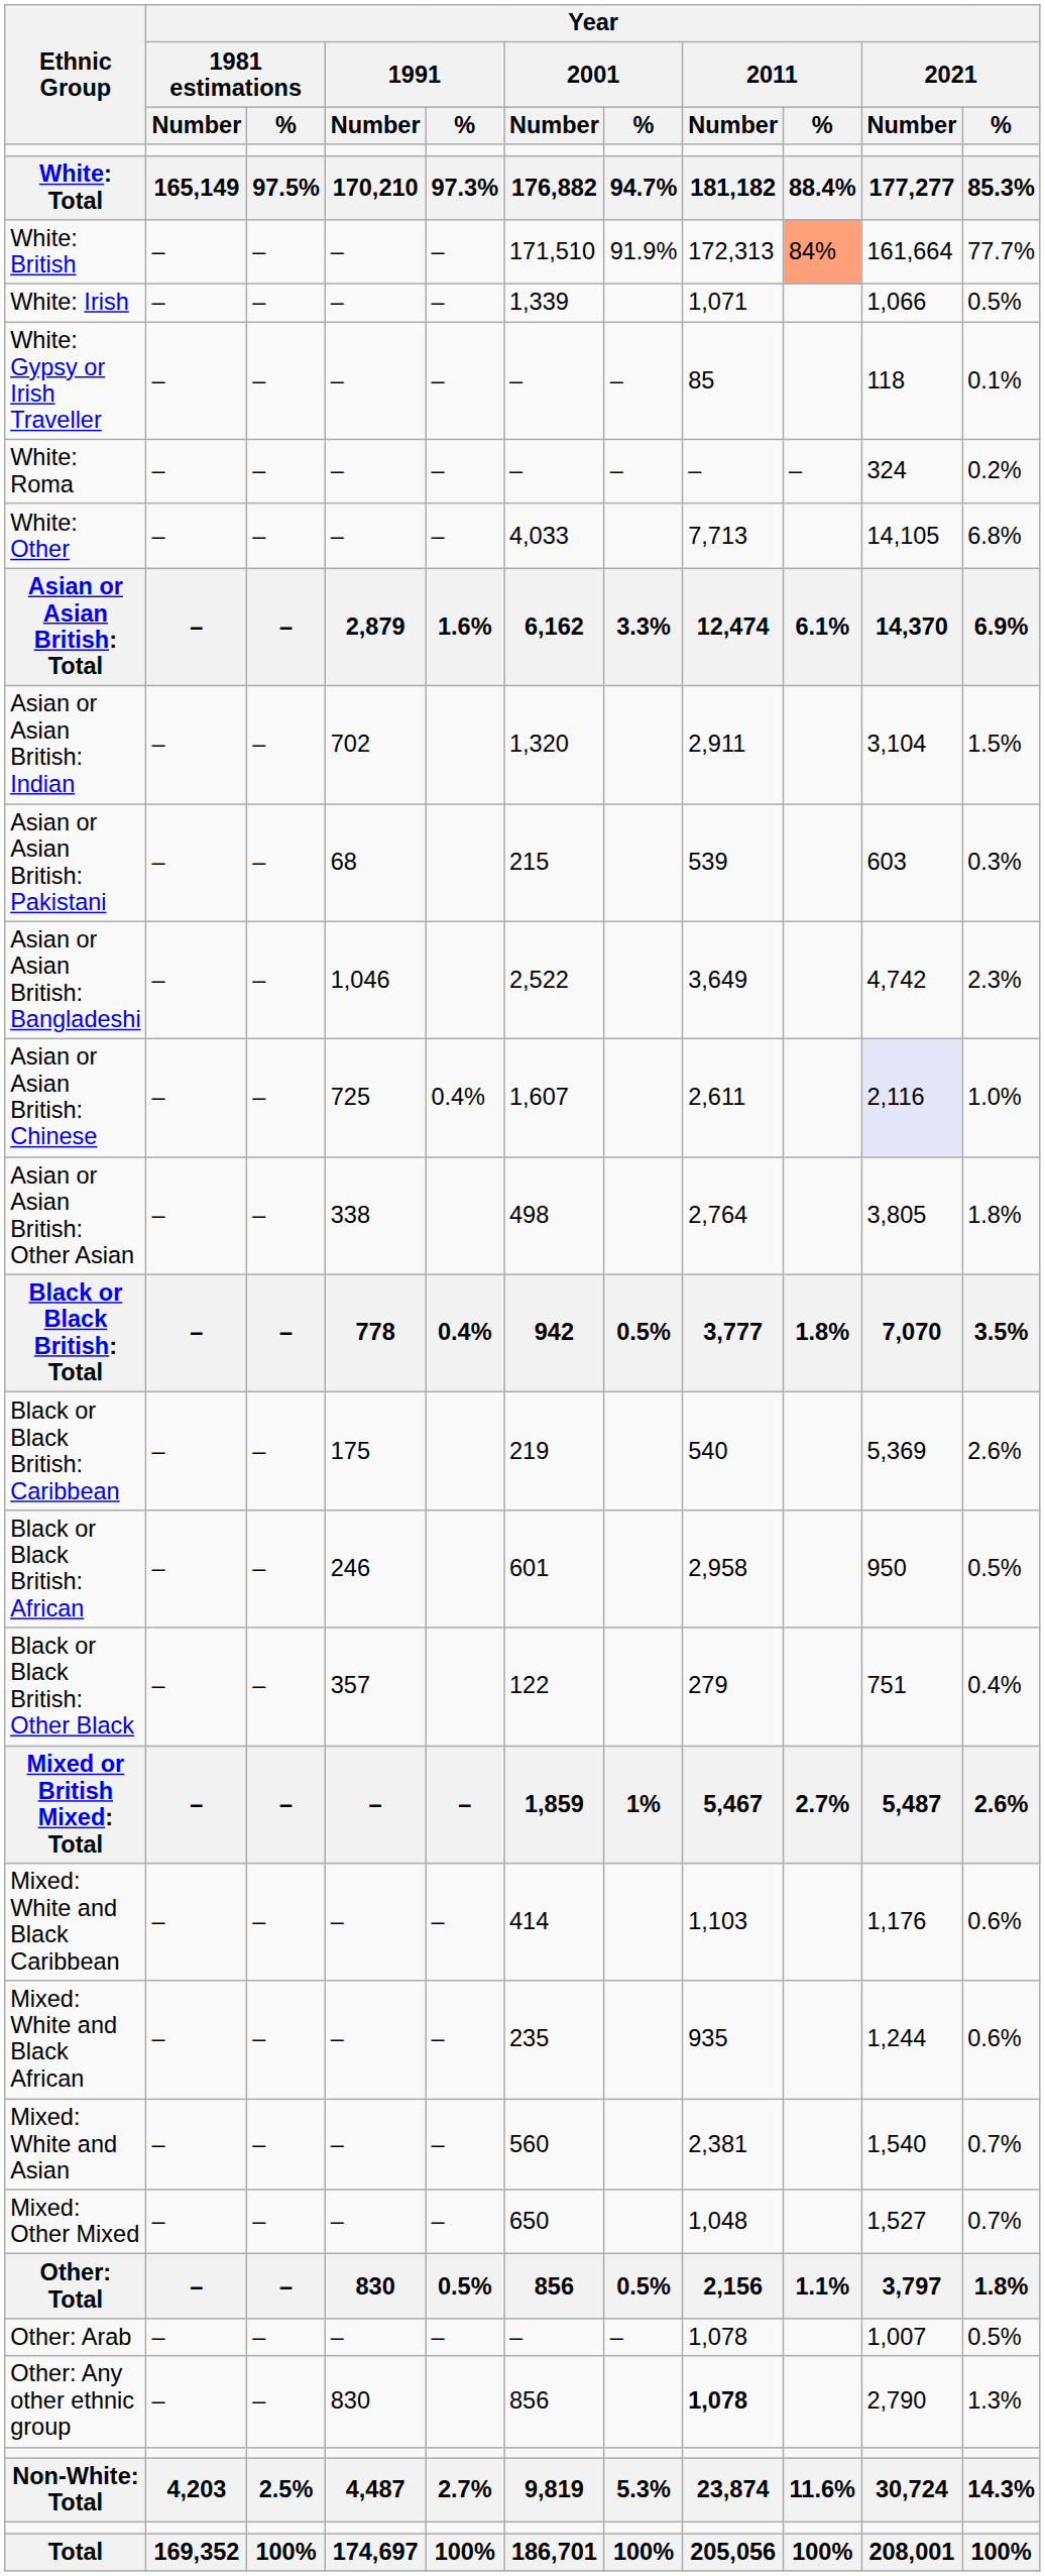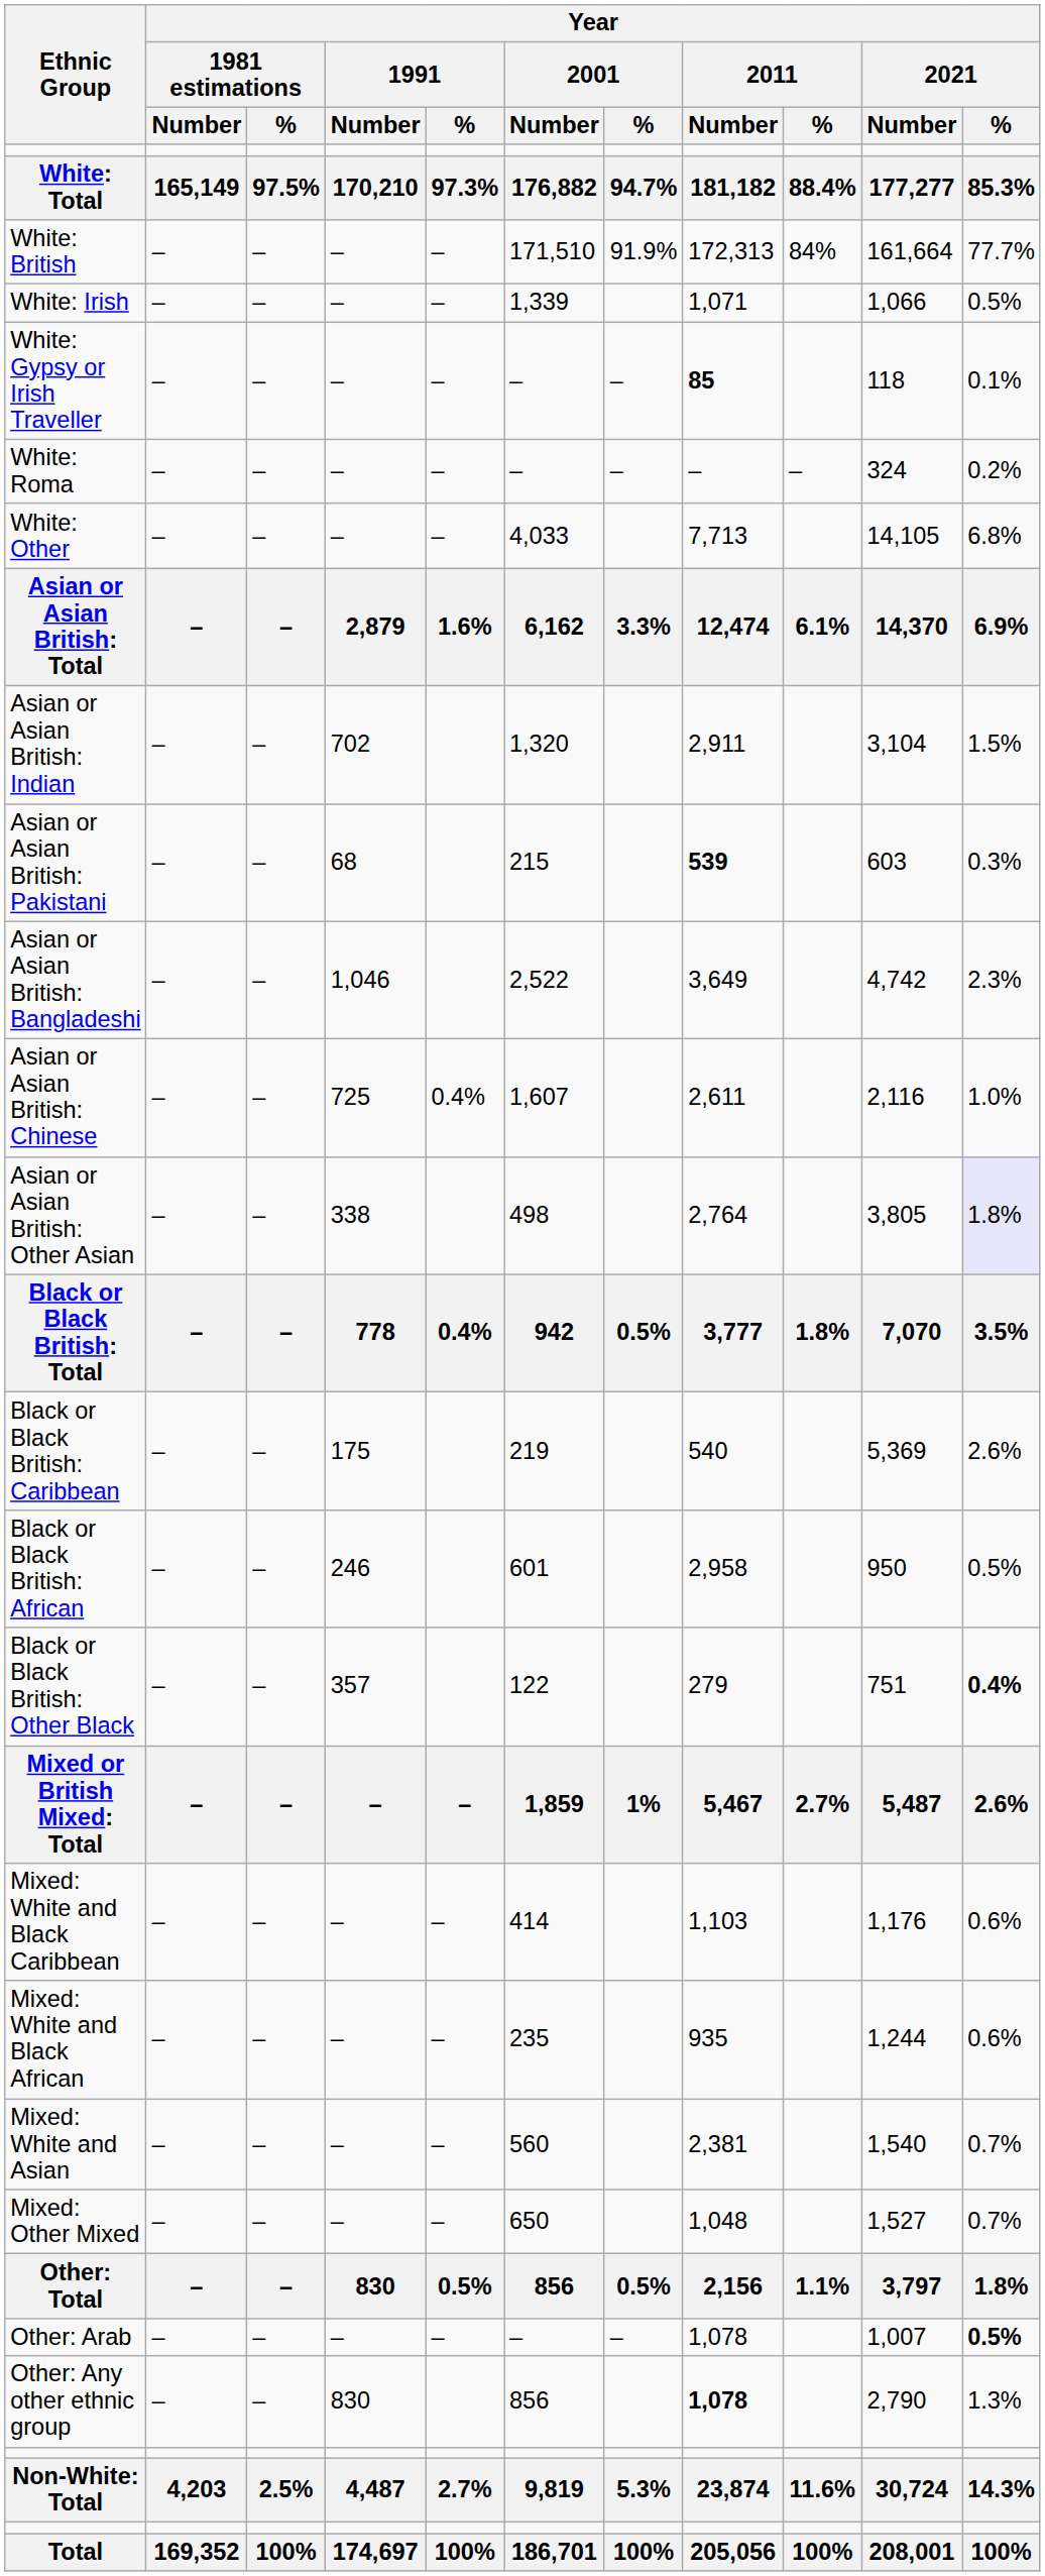 <table class="wikitable sortable mw-collapsible mw-collapsed">
 <tr>
 <th rowspan="3">Ethnic Group</th>
 <th colspan="10">Year</th>
 </tr>
 <tr>
 <th colspan="2">1981 estimations</th>
 <th colspan="2">1991</th>
 <th colspan="2">2001</th>
 <th colspan="2">2011</th>
 <th colspan="2">2021</th>
 </tr>
 <tr>
 <th>Number</th>
 <th>%</th>
 <th>Number</th>
 <th>%</th>
 <th>Number</th>
 <th>%</th>
 <th>Number</th>
 <th>%</th>
 <th>Number</th>
 <th>%</th>
 </tr>
 <tr>
 <td></td>
 <td></td>
 <td></td>
 <td></td>
 <td></td>
 <td></td>
 <td></td>
 <td></td>
 <td></td>
 <td></td>
 <td></td>
 </tr>
 <tr>
 <th><a href='#'>White</a>: Total</th>
 <th>165,149</th>
 <th>97.5%</th>
 <th>170,210</th>
 <th>97.3%</th>
 <th>176,882</th>
 <th>94.7%</th>
 <th>181,182</th>
 <th>88.4%</th>
 <th>177,277</th>
 <th>85.3%</th>
 </tr>
 <tr>
 <td>White: <a href='#'>British</a></td>
 <td>–</td>
 <td>–</td>
 <td>–</td>
 <td>–</td>
 <td>171,510</td>
 <td>91.9%</td>
 <td>172,313</td>
-<td style="background: lightsalmon;">84%</td>
+<td>84%</td>
 <td>161,664</td>
 <td>77.7%</td>
 </tr>
 <tr>
 <td>White: <a href='#'>Irish</a></td>
 <td>–</td>
 <td>–</td>
 <td>–</td>
 <td>–</td>
 <td>1,339</td>
 <td></td>
 <td>1,071</td>
 <td></td>
 <td>1,066</td>
 <td>0.5%</td>
 </tr>
 <tr>
 <td>White: <a href='#'>Gypsy or Irish Traveller</a></td>
 <td>–</td>
 <td>–</td>
 <td>–</td>
 <td>–</td>
 <td>–</td>
 <td>–</td>
-<td>85</td>
+<td><strong>85</strong></td>
 <td></td>
 <td>118</td>
 <td>0.1%</td>
 </tr>
 <tr>
 <td>White: Roma</td>
 <td>–</td>
 <td>–</td>
 <td>–</td>
 <td>–</td>
 <td>–</td>
 <td>–</td>
 <td>–</td>
 <td>–</td>
 <td>324</td>
 <td>0.2%</td>
 </tr>
 <tr>
 <td>White: <a href='#'>Other</a></td>
 <td>–</td>
 <td>–</td>
 <td>–</td>
 <td>–</td>
 <td>4,033</td>
 <td></td>
 <td>7,713</td>
 <td></td>
 <td>14,105</td>
 <td>6.8%</td>
 </tr>
 <tr>
 <th><a href='#'>Asian or Asian British</a>: Total</th>
 <th>–</th>
 <th>–</th>
 <th>2,879</th>
 <th>1.6%</th>
 <th>6,162</th>
 <th>3.3%</th>
 <th>12,474</th>
 <th>6.1%</th>
 <th>14,370</th>
 <th>6.9%</th>
 </tr>
 <tr>
 <td>Asian or Asian British: <a href='#'>Indian</a></td>
 <td>–</td>
 <td>–</td>
 <td>702</td>
 <td></td>
 <td>1,320</td>
 <td></td>
 <td>2,911</td>
 <td></td>
 <td>3,104</td>
 <td>1.5%</td>
 </tr>
 <tr>
 <td>Asian or Asian British: <a href='#'>Pakistani</a></td>
 <td>–</td>
 <td>–</td>
 <td>68</td>
 <td></td>
 <td>215</td>
 <td></td>
-<td>539</td>
+<td><strong>539</strong></td>
 <td></td>
 <td>603</td>
 <td>0.3%</td>
 </tr>
 <tr>
 <td>Asian or Asian British: <a href='#'>Bangladeshi</a></td>
 <td>–</td>
 <td>–</td>
 <td>1,046</td>
 <td></td>
 <td>2,522</td>
 <td></td>
 <td>3,649</td>
 <td></td>
 <td>4,742</td>
 <td>2.3%</td>
 </tr>
 <tr>
 <td>Asian or Asian British: <a href='#'>Chinese</a></td>
 <td>–</td>
 <td>–</td>
 <td>725</td>
 <td>0.4%</td>
 <td>1,607</td>
 <td></td>
 <td>2,611</td>
 <td></td>
-<td style="background: lavender;">2,116</td>
+<td>2,116</td>
 <td>1.0%</td>
 </tr>
 <tr>
 <td>Asian or Asian British: Other Asian</td>
 <td>–</td>
 <td>–</td>
 <td>338</td>
 <td></td>
 <td>498</td>
 <td></td>
 <td>2,764</td>
 <td></td>
 <td>3,805</td>
-<td>1.8%</td>
+<td style="background: lavender;">1.8%</td>
 </tr>
 <tr>
 <th><a href='#'>Black or Black British</a>: Total</th>
 <th>–</th>
 <th>–</th>
 <th>778</th>
 <th>0.4%</th>
 <th>942</th>
 <th>0.5%</th>
 <th>3,777</th>
 <th>1.8%</th>
 <th>7,070</th>
 <th>3.5%</th>
 </tr>
 <tr>
 <td>Black or Black British: <a href='#'>Caribbean</a></td>
 <td>–</td>
 <td>–</td>
 <td>175</td>
 <td></td>
 <td>219</td>
 <td></td>
 <td>540</td>
 <td></td>
 <td>5,369</td>
 <td>2.6%</td>
 </tr>
 <tr>
 <td>Black or Black British: <a href='#'>African</a></td>
 <td>–</td>
 <td>–</td>
 <td>246</td>
 <td></td>
 <td>601</td>
 <td></td>
 <td>2,958</td>
 <td></td>
 <td>950</td>
 <td>0.5%</td>
 </tr>
 <tr>
 <td>Black or Black British: <a href='#'>Other Black</a></td>
 <td>–</td>
 <td>–</td>
 <td>357</td>
 <td></td>
 <td>122</td>
 <td></td>
 <td>279</td>
 <td></td>
 <td>751</td>
-<td>0.4%</td>
+<td><strong>0.4%</strong></td>
 </tr>
 <tr>
 <th><a href='#'>Mixed or British Mixed</a>: Total</th>
 <th>–</th>
 <th>–</th>
 <th>–</th>
 <th>–</th>
 <th>1,859</th>
 <th>1%</th>
 <th>5,467</th>
 <th>2.7%</th>
 <th>5,487</th>
 <th>2.6%</th>
 </tr>
 <tr>
 <td>Mixed: White and Black Caribbean</td>
 <td>–</td>
 <td>–</td>
 <td>–</td>
 <td>–</td>
 <td>414</td>
 <td></td>
 <td>1,103</td>
 <td></td>
 <td>1,176</td>
 <td>0.6%</td>
 </tr>
 <tr>
 <td>Mixed: White and Black African</td>
 <td>–</td>
 <td>–</td>
 <td>–</td>
 <td>–</td>
 <td>235</td>
 <td></td>
 <td>935</td>
 <td></td>
 <td>1,244</td>
 <td>0.6%</td>
 </tr>
 <tr>
 <td>Mixed: White and Asian</td>
 <td>–</td>
 <td>–</td>
 <td>–</td>
 <td>–</td>
 <td>560</td>
 <td></td>
 <td>2,381</td>
 <td></td>
 <td>1,540</td>
 <td>0.7%</td>
 </tr>
 <tr>
 <td>Mixed: Other Mixed</td>
 <td>–</td>
 <td>–</td>
 <td>–</td>
 <td>–</td>
 <td>650</td>
 <td></td>
 <td>1,048</td>
 <td></td>
 <td>1,527</td>
 <td>0.7%</td>
 </tr>
 <tr>
 <th>Other: Total</th>
 <th>–</th>
 <th>–</th>
 <th>830</th>
 <th>0.5%</th>
 <th>856</th>
 <th>0.5%</th>
 <th>2,156</th>
 <th>1.1%</th>
 <th>3,797</th>
 <th>1.8%</th>
 </tr>
 <tr>
 <td>Other: Arab</td>
 <td>–</td>
 <td>–</td>
 <td>–</td>
 <td>–</td>
 <td>–</td>
 <td>–</td>
 <td>1,078</td>
 <td></td>
 <td>1,007</td>
-<td>0.5%</td>
+<td><strong>0.5%</strong></td>
 </tr>
 <tr>
 <td>Other: Any other ethnic group</td>
 <td>–</td>
 <td>–</td>
 <td>830</td>
 <td></td>
 <td>856</td>
 <td></td>
 <td><strong>1,078</strong></td>
 <td></td>
 <td>2,790</td>
 <td>1.3%</td>
 </tr>
 <tr>
 <td></td>
 <td></td>
 <td></td>
 <td></td>
 <td></td>
 <td></td>
 <td></td>
 <td></td>
 <td></td>
 <td></td>
 <td></td>
 </tr>
 <tr>
 <th>Non-White: Total</th>
 <th>4,203</th>
 <th>2.5%</th>
 <th>4,487</th>
 <th>2.7%</th>
 <th>9,819</th>
 <th>5.3%</th>
 <th>23,874</th>
 <th>11.6%</th>
 <th>30,724</th>
 <th>14.3%</th>
 </tr>
 <tr>
 <td></td>
 <td></td>
 <td></td>
 <td></td>
 <td></td>
 <td></td>
 <td></td>
 <td></td>
 <td></td>
 <td></td>
 <td></td>
 </tr>
 <tr>
 <th>Total</th>
 <th>169,352</th>
 <th>100%</th>
 <th>174,697</th>
 <th>100%</th>
 <th>186,701</th>
 <th>100%</th>
 <th>205,056</th>
 <th>100%</th>
 <th>208,001</th>
 <th>100%</th>
 </tr>
 </table>
